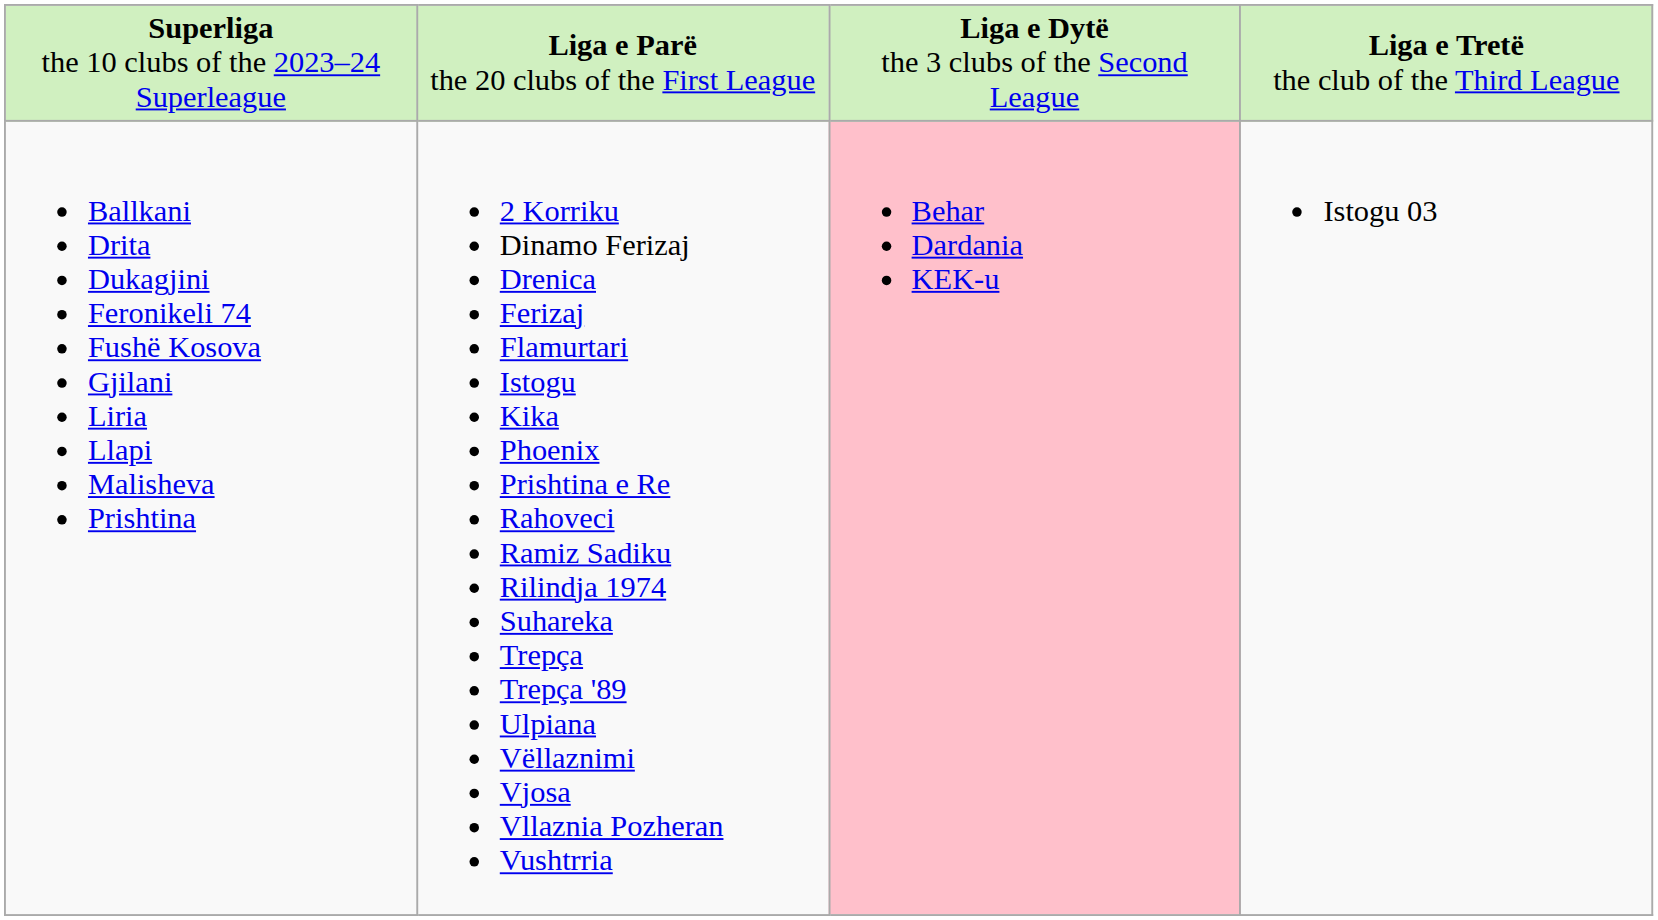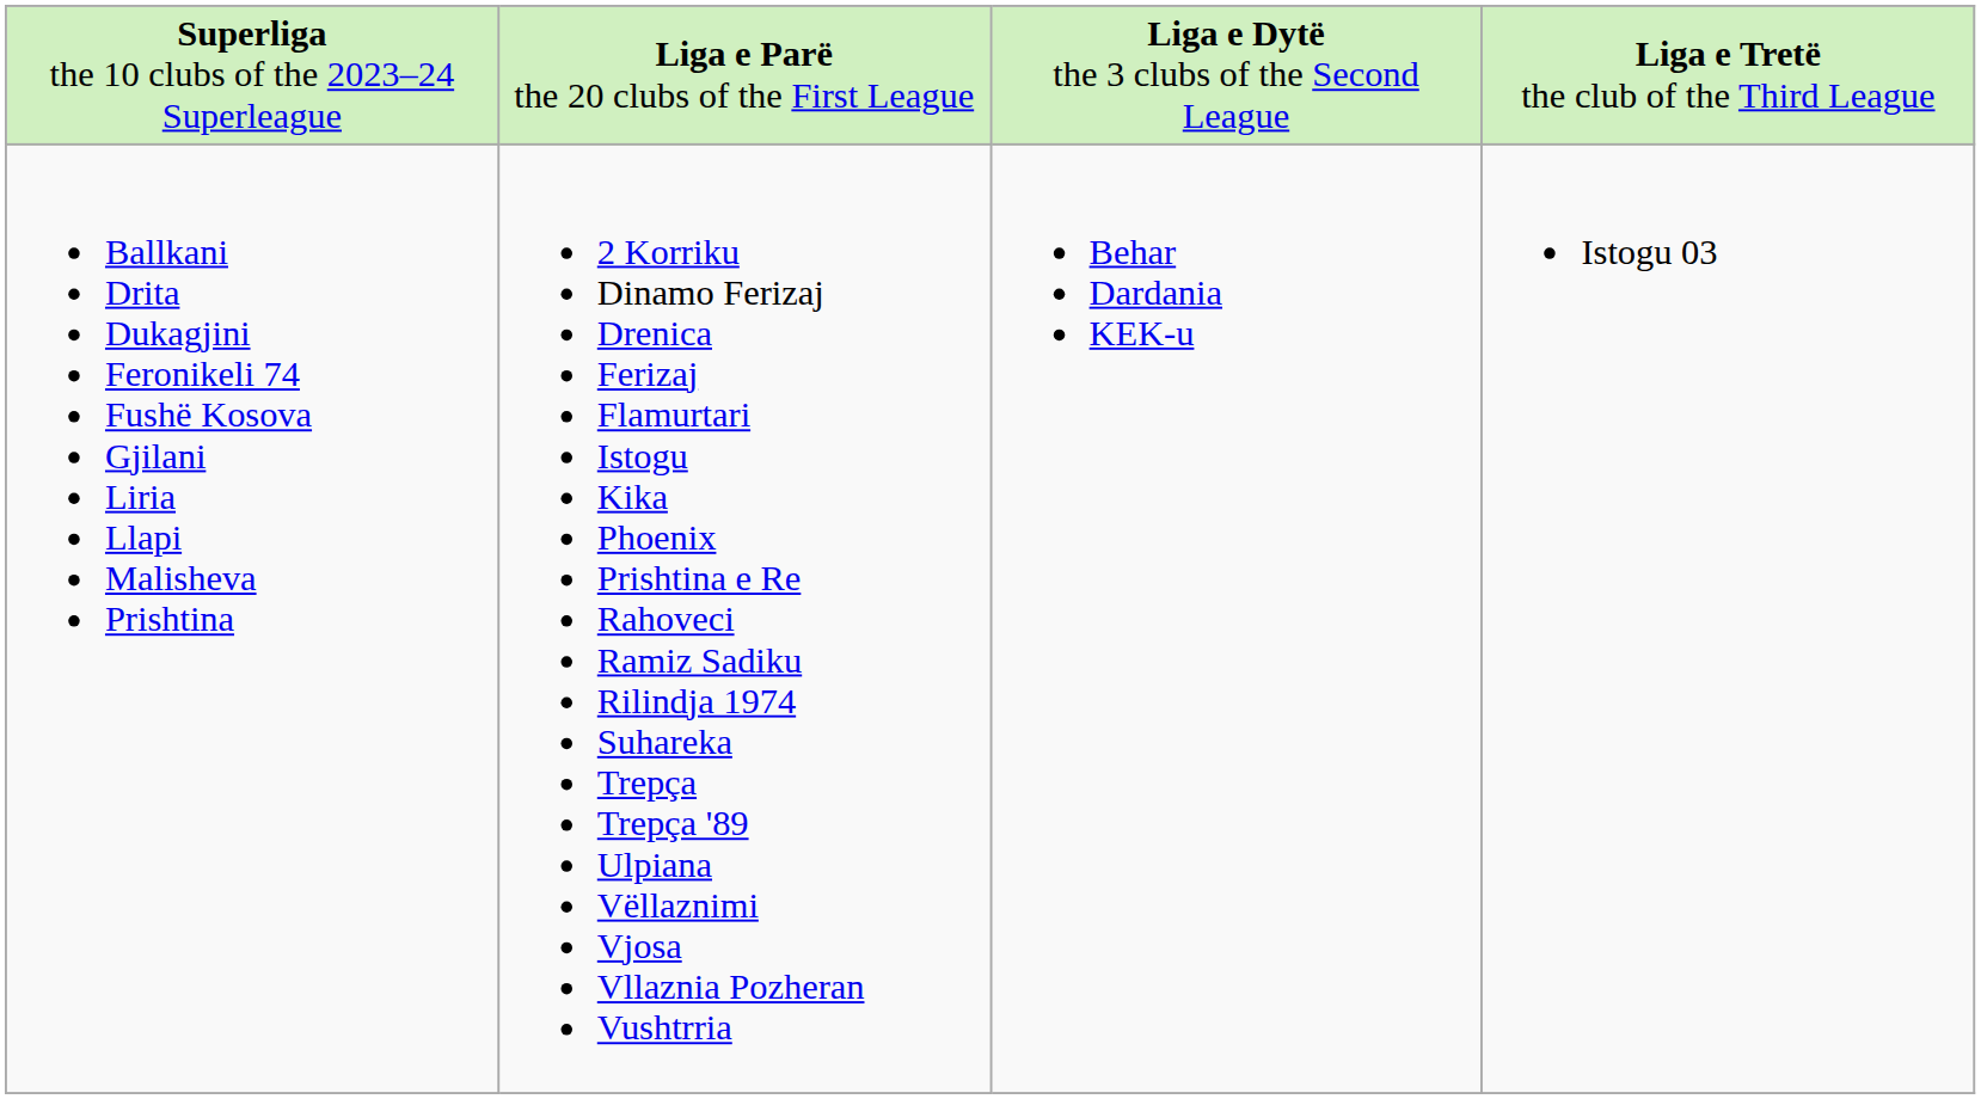 <table class="wikitable">
 <tr>
 <td style="width:25%; background:#d0f0c0" align="center"><strong>Superliga</strong><br>the 10 clubs of the <a href='#'>2023–24 Superleague</a></td>
 <td style="width:25%; background:#d0f0c0" align="center"><strong>Liga e Parë</strong><br>the 20 clubs of the <a href='#'>First League</a></td>
 <td style="width:25%; background:#d0f0c0" align="center"><strong>Liga e Dytë</strong><br>the 3 clubs of the <a href='#'>Second League</a></td>
 <td style="width:25%; background:#d0f0c0" align="center"><strong>Liga e Tretë</strong><br>the club of the <a href='#'>Third League</a></td>
 </tr>
 <tr style="vertical-align:top">
 <td><br><ul><li><a href='#'>Ballkani</a></li><li><a href='#'>Drita</a></li><li><a href='#'>Dukagjini</a></li><li><a href='#'>Feronikeli 74</a></li><li><a href='#'>Fushë Kosova</a></li><li><a href='#'>Gjilani</a></li><li><a href='#'>Liria</a></li><li><a href='#'>Llapi</a></li><li><a href='#'>Malisheva</a></li><li><a href='#'>Prishtina</a></li></ul></td>
 <td><br><ul><li><a href='#'>2 Korriku</a></li><li>Dinamo Ferizaj</li><li><a href='#'>Drenica</a></li><li><a href='#'>Ferizaj</a></li><li><a href='#'>Flamurtari</a></li><li><a href='#'>Istogu</a></li><li><a href='#'>Kika</a></li><li><a href='#'>Phoenix</a></li><li><a href='#'>Prishtina e Re</a></li><li><a href='#'>Rahoveci</a></li><li><a href='#'>Ramiz Sadiku</a></li><li><a href='#'>Rilindja 1974</a></li><li><a href='#'>Suhareka</a></li><li><a href='#'>Trepça</a></li><li><a href='#'>Trepça '89</a></li><li><a href='#'>Ulpiana</a></li><li><a href='#'>Vëllaznimi</a></li><li><a href='#'>Vjosa</a></li><li><a href='#'>Vllaznia Pozheran</a></li><li><a href='#'>Vushtrria</a></li></ul></td>
-<td style="background: pink;"><br><ul><li><a href='#'>Behar</a></li><li><a href='#'>Dardania</a></li><li><a href='#'>KEK-u</a></li></ul></td>
+<td><br><ul><li><a href='#'>Behar</a></li><li><a href='#'>Dardania</a></li><li><a href='#'>KEK-u</a></li></ul></td>
 <td><br><ul><li>Istogu 03</li></ul></td>
 </tr>
 </table>
